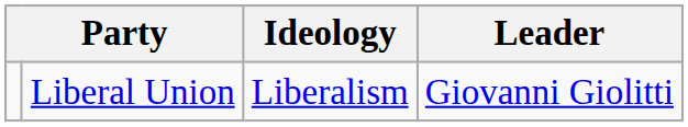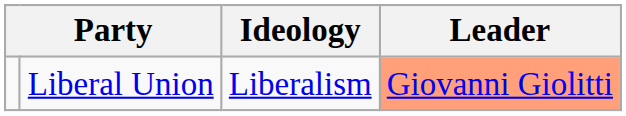 <table class=wikitable style="font-size:100%">
 <tr>
 <th colspan=2>Party</th>
 <th>Ideology</th>
 <th>Leader</th>
 </tr>
 <tr>
 <td style="color:inherit;background:"></td>
 <td><a href='#'>Liberal Union</a></td>
 <td><a href='#'>Liberalism</a></td>
-<td><a href='#'>Giovanni Giolitti</a></td>
+<td style="background: lightsalmon;"><a href='#'>Giovanni Giolitti</a></td>
 </tr>
 </table>
